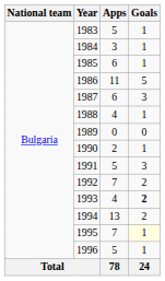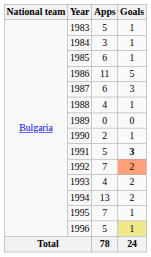 <table class="wikitable" style="text-align:center">
 <tr>
 <th>National team</th>
 <th>Year</th>
 <th>Apps</th>
 <th>Goals</th>
 </tr>
 <tr>
 <td rowspan="14"><a href='#'>Bulgaria</a></td>
 <td>1983</td>
 <td>5</td>
 <td>1</td>
 </tr>
 <tr>
 <td>1984</td>
 <td>3</td>
 <td>1</td>
 </tr>
 <tr>
 <td>1985</td>
 <td>6</td>
 <td>1</td>
 </tr>
 <tr>
 <td>1986</td>
 <td>11</td>
 <td>5</td>
 </tr>
 <tr>
 <td>1987</td>
 <td>6</td>
 <td>3</td>
 </tr>
 <tr>
 <td>1988</td>
 <td>4</td>
 <td>1</td>
 </tr>
 <tr>
 <td>1989</td>
 <td>0</td>
 <td>0</td>
 </tr>
 <tr>
 <td>1990</td>
 <td>2</td>
 <td>1</td>
 </tr>
 <tr>
 <td>1991</td>
 <td>5</td>
-<td>3</td>
+<td><strong>3</strong></td>
 </tr>
 <tr>
 <td>1992</td>
 <td>7</td>
-<td>2</td>
+<td style="background: lightsalmon;">2</td>
 </tr>
 <tr>
 <td>1993</td>
 <td>4</td>
-<td><strong>2</strong></td>
+<td>2</td>
 </tr>
 <tr>
 <td>1994</td>
 <td>13</td>
 <td>2</td>
 </tr>
 <tr>
 <td>1995</td>
 <td>7</td>
-<td style="background: lightyellow;">1</td>
+<td>1</td>
 </tr>
 <tr>
 <td>1996</td>
 <td>5</td>
-<td>1</td>
+<td style="background: khaki;">1</td>
 </tr>
 <tr>
 <th colspan="2">Total</th>
 <th>78</th>
 <th>24</th>
 </tr>
 </table>
